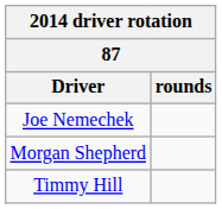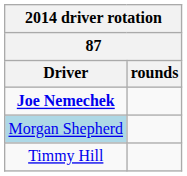 <table class="wikitable collapsible collapsed" style="text-align:center; font-size:75%">
 <tr>
 <th colspan=4>2014 driver rotation</th>
 </tr>
 <tr>
 <th colspan=4>87</th>
 </tr>
 <tr>
 <th>Driver</th>
 <th>rounds</th>
 </tr>
 <tr>
-<td><a href='#'>Joe Nemechek</a></td>
+<td><strong><a href='#'>Joe Nemechek</a></strong></td>
 <td></td>
 </tr>
 <tr>
-<td><a href='#'>Morgan Shepherd</a></td>
+<td style="background: lightblue;"><a href='#'>Morgan Shepherd</a></td>
 <td></td>
 </tr>
 <tr>
 <td><a href='#'>Timmy Hill</a></td>
 <td></td>
 </tr>
 </table>
